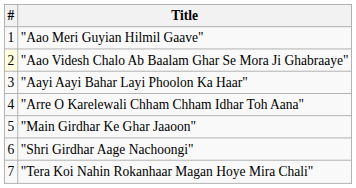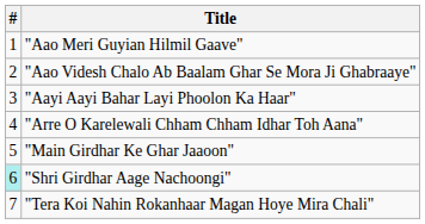 <table class="wikitable" style="font-size:95%;">
 <tr>
 <th>#</th>
 <th>Title</th>
 </tr>
 <tr>
 <td>1</td>
 <td>"Aao Meri Guyian Hilmil Gaave"</td>
 </tr>
 <tr>
-<td style="background: lightyellow;">2</td>
+<td>2</td>
 <td>"Aao Videsh Chalo Ab Baalam Ghar Se Mora Ji Ghabraaye"</td>
 </tr>
 <tr>
 <td>3</td>
 <td>"Aayi Aayi Bahar Layi Phoolon Ka Haar"</td>
 </tr>
 <tr>
 <td>4</td>
 <td>"Arre O Karelewali Chham Chham Idhar Toh Aana"</td>
 </tr>
 <tr>
 <td>5</td>
 <td>"Main Girdhar Ke Ghar Jaaoon"</td>
 </tr>
 <tr>
-<td>6</td>
+<td style="background: paleturquoise;">6</td>
 <td>"Shri Girdhar Aage Nachoongi"</td>
 </tr>
 <tr>
 <td>7</td>
 <td>"Tera Koi Nahin Rokanhaar Magan Hoye Mira Chali"</td>
 </tr>
 </table>
